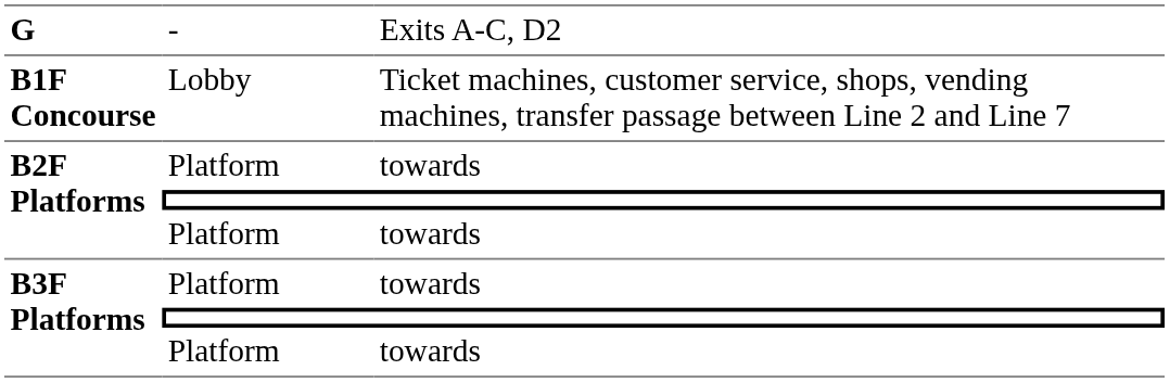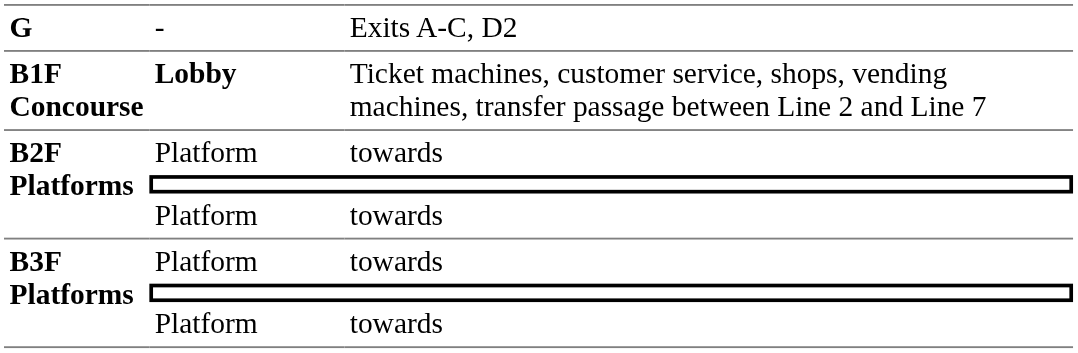 <table table border=0 cellspacing=0 cellpadding=3>
 <tr>
 <td style="border-top:solid 1px gray;" width=50 valign=top><strong>G</strong></td>
 <td style="border-top:solid 1px gray;" width=100 valign=top>-</td>
 <td style="border-top:solid 1px gray;" width=390 valign=top>Exits A-C, D2</td>
 </tr>
 <tr>
 <td style="border-bottom:solid 1px gray; border-top:solid 1px gray;" valign=top width=50><strong>B1F<br>Concourse</strong></td>
-<td style="border-bottom:solid 1px gray; border-top:solid 1px gray;" valign=top width=100>Lobby</td>
+<td style="border-bottom:solid 1px gray; border-top:solid 1px gray;" valign=top width=100><strong>Lobby</strong></td>
 <td style="border-bottom:solid 1px gray; border-top:solid 1px gray;" valign=top width=390>Ticket machines, customer service, shops, vending machines, transfer passage between Line 2 and Line 7</td>
 </tr>
 <tr>
 <td style="border-bottom:solid 1px gray;" rowspan="3" valign=top><strong>B2F<br>  Platforms</strong></td>
 <td>Platform</td>
 <td>  towards  </td>
 </tr>
 <tr>
 <td style="border-right:solid 2px black;border-left:solid 2px black;border-top:solid 2px black;border-bottom:solid 2px black;text-align:center;" colspan=2></td>
 </tr>
 <tr>
 <td style="border-bottom:solid 1px gray;">Platform</td>
 <td style="border-bottom:solid 1px gray;">  towards   </td>
 </tr>
 <tr>
 <td style="border-bottom:solid 1px gray;" rowspan="3" valign=top><strong>B3F<br> Platforms</strong></td>
 <td>Platform</td>
 <td>  towards  </td>
 </tr>
 <tr>
 <td style="border-right:solid 2px black;border-left:solid 2px black;border-top:solid 2px black;border-bottom:solid 2px black;text-align:center;" colspan=2></td>
 </tr>
 <tr>
 <td style="border-bottom:solid 1px gray;">Platform</td>
 <td style="border-bottom:solid 1px gray;">  towards   </td>
 </tr>
 </table>
